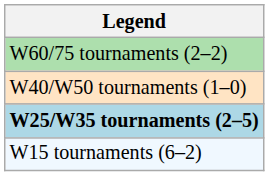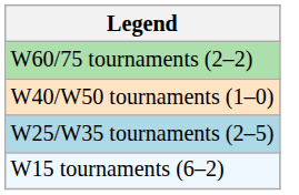 <table class=wikitable style="font-size:85%">
 <tr>
 <th>Legend</th>
 </tr>
 <tr style="background:#addfad;">
 <td>W60/75 tournaments (2–2)</td>
 </tr>
 <tr style="background:#ffe4c4;">
 <td>W40/W50 tournaments (1–0)</td>
 </tr>
 <tr style="background:lightblue;">
-<td><strong>W25/W35 tournaments (2–5)</strong></td>
+<td>W25/W35 tournaments (2–5)</td>
 </tr>
 <tr style="background:#f0f8ff;">
 <td>W15 tournaments (6–2)</td>
 </tr>
 </table>
